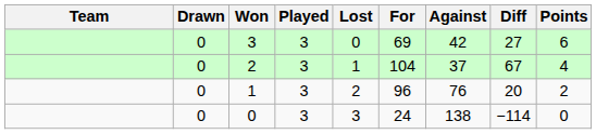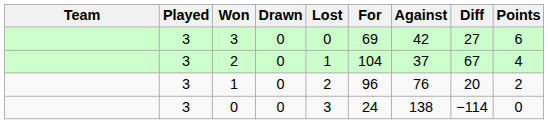 <table class="wikitable">
 <tr>
 <th width=165>Team</th>
+<th width=40>Played</th>
+<th width=40>Won</th>
 <th width=40>Drawn</th>
-<th width=40>Won</th>
-<th width=40>Played</th>
 <th width=40>Lost</th>
 <th width=40>For</th>
 <th width=40>Against</th>
 <th width=40>Diff</th>
 <th width=40>Points</th>
 </tr>
 <tr bgcolor=#ccffcc align=center>
 <td style="text-align:left;"></td>
-<td>0</td>
 <td>3</td>
 <td>3</td>
+<td>0</td>
 <td>0</td>
 <td>69</td>
 <td>42</td>
 <td>27</td>
 <td>6</td>
 </tr>
 <tr bgcolor=#ccffcc align=center>
 <td style="text-align:left;"></td>
+<td>3</td>
+<td>2</td>
 <td>0</td>
-<td>2</td>
-<td>3</td>
 <td>1</td>
 <td>104</td>
 <td>37</td>
 <td>67</td>
 <td>4</td>
 </tr>
 <tr align=center>
 <td style="text-align:left;"></td>
+<td>3</td>
+<td>1</td>
 <td>0</td>
-<td>1</td>
-<td>3</td>
 <td>2</td>
 <td>96</td>
 <td>76</td>
 <td>20</td>
 <td>2</td>
 </tr>
 <tr align=center>
 <td style="text-align:left;"></td>
+<td>3</td>
 <td>0</td>
 <td>0</td>
-<td>3</td>
 <td>3</td>
 <td>24</td>
 <td>138</td>
 <td>−114</td>
 <td>0</td>
 </tr>
 </table>
